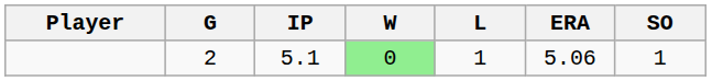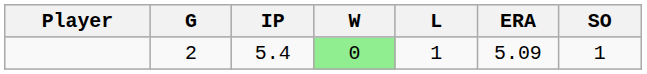 <table class="wikitable sortable">
 <tr>
 <th bgcolor="#DDDDFF" width="16%">Player</th>
 <th bgcolor="#DDDDFF" width="9%">G</th>
 <th bgcolor="#DDDDFF" width="9%">IP</th>
 <th bgcolor="#DDDDFF" width="9%">W</th>
 <th bgcolor="#DDDDFF" width="9%">L</th>
 <th bgcolor="#DDDDFF" width="9%">ERA</th>
 <th bgcolor="#DDDDFF" width="9%">SO</th>
 </tr>
 <tr align="center">
 <td></td>
 <td>2</td>
-<td>5.1</td>
+<td>5.4</td>
 <td style="background: lightgreen;">0</td>
 <td>1</td>
-<td>5.06</td>
+<td>5.09</td>
 <td>1</td>
 </tr>
 </table>
